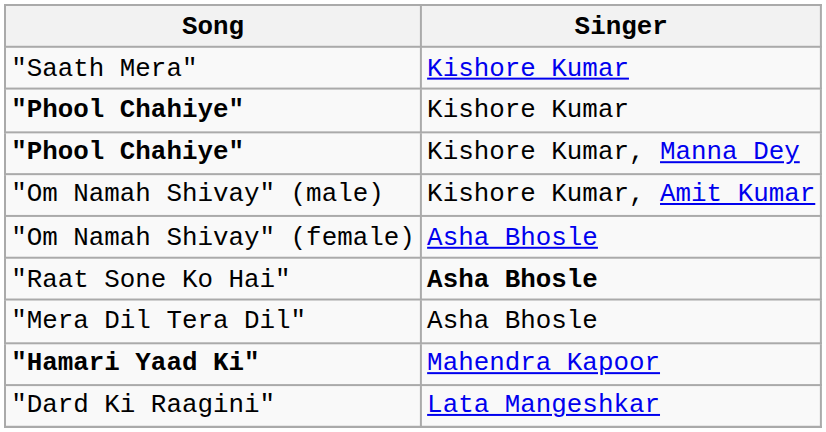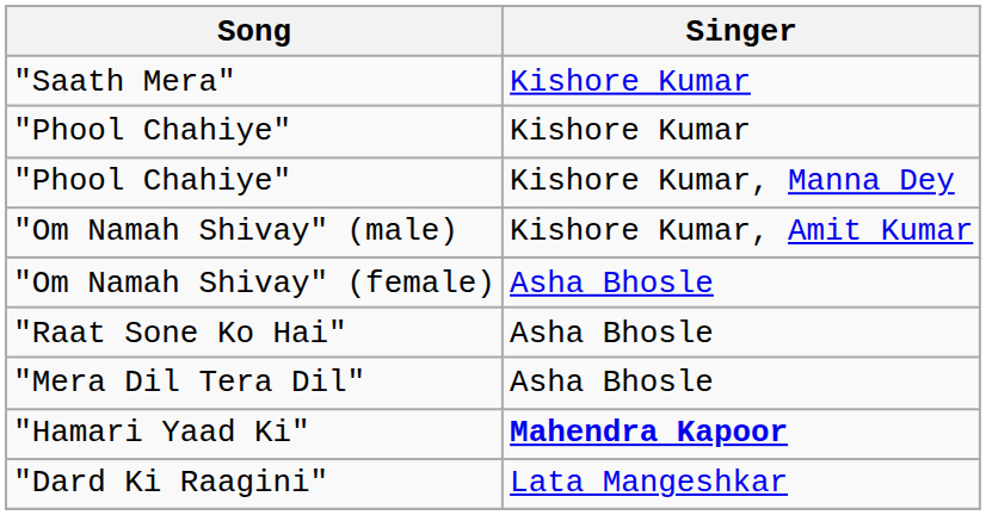 <table class="wikitable">
 <tr>
 <th>Song</th>
 <th>Singer</th>
 </tr>
 <tr>
 <td>"Saath Mera"</td>
 <td><a href='#'>Kishore Kumar</a></td>
 </tr>
 <tr>
-<td><strong>"Phool Chahiye"</strong></td>
+<td>"Phool Chahiye"</td>
 <td>Kishore Kumar</td>
 </tr>
 <tr>
-<td><strong>"Phool Chahiye"</strong></td>
+<td>"Phool Chahiye"</td>
 <td>Kishore Kumar, <a href='#'>Manna Dey</a></td>
 </tr>
 <tr>
 <td>"Om Namah Shivay" (male)</td>
 <td>Kishore Kumar, <a href='#'>Amit Kumar</a></td>
 </tr>
 <tr>
 <td>"Om Namah Shivay" (female)</td>
 <td><a href='#'>Asha Bhosle</a></td>
 </tr>
 <tr>
 <td>"Raat Sone Ko Hai"</td>
-<td><strong>Asha Bhosle</strong></td>
+<td>Asha Bhosle</td>
 </tr>
 <tr>
 <td>"Mera Dil Tera Dil"</td>
 <td>Asha Bhosle</td>
 </tr>
 <tr>
-<td><strong>"Hamari Yaad Ki"</strong></td>
-<td><a href='#'>Mahendra Kapoor</a></td>
+<td>"Hamari Yaad Ki"</td>
+<td><strong><a href='#'>Mahendra Kapoor</a></strong></td>
 </tr>
 <tr>
 <td>"Dard Ki Raagini"</td>
 <td><a href='#'>Lata Mangeshkar</a></td>
 </tr>
 <tr>
 </tr>
 </table>
